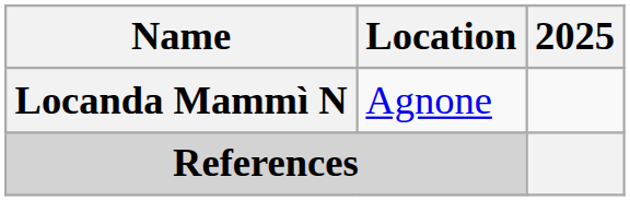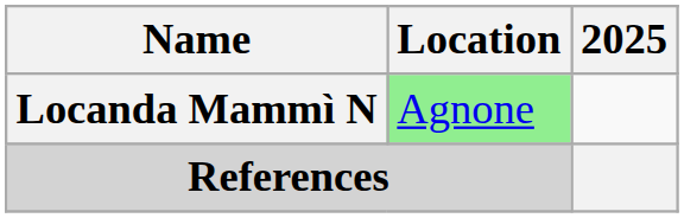 <table class="wikitable sortable plainrowheaders" style="text-align:left;">
 <tr>
 <th scope="col">Name</th>
 <th>Location</th>
 <th scope="col">2025</th>
 </tr>
 <tr>
 <th scope="row">Locanda Mammì N</th>
-<td><a href='#'>Agnone</a></td>
+<td style="background: lightgreen;"><a href='#'>Agnone</a></td>
 <td></td>
 </tr>
 <tr>
 <th colspan="2" style="text-align: center;background: lightgray;">References</th>
 <th></th>
 </tr>
 </table>
